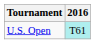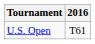 <table class="wikitable" style="font-size:95%;text-align:center;">
 <tr>
 <th>Tournament</th>
 <th>2016</th>
 </tr>
 <tr>
 <td align=left><a href='#'>U.S. Open</a></td>
-<td style="background: paleturquoise;">T61</td>
+<td>T61</td>
 </tr>
 </table>
